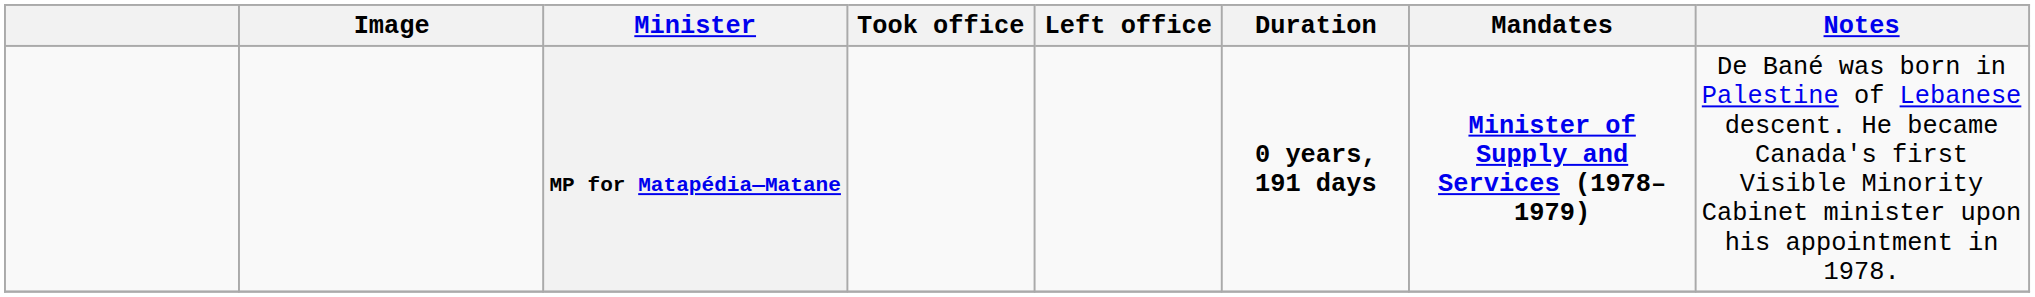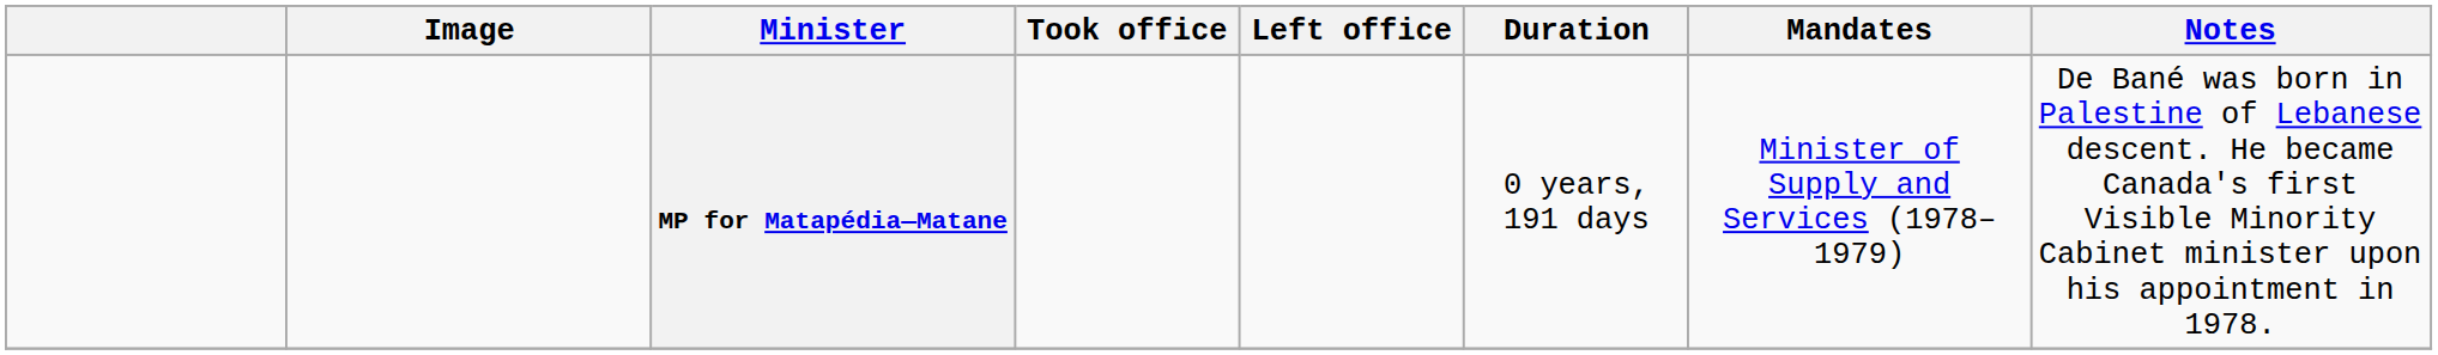 <table class="wikitable sortable plainrowheaders" style="text-align: center;">
 <tr>
 <th scope="col" class=unsortable></th>
 <th scope="col" class=unsortable>Image</th>
 <th scope="col"><a href='#'>Minister</a></th>
 <th scope="col" width=90px>Took office</th>
 <th scope="col" width=90px>Left office</th>
 <th scope="col" width=90px>Duration</th>
 <th scope="col" width=140px>Mandates</th>
 <th scope="col" width=165px><a href='#'>Notes</a></th>
 </tr>
 <tr>
 <td style="background: "></td>
 <td style="width:15%;"></td>
 <th scope="row" style="text-align:center; width:15%;"><br><small>MP for <a href='#'>Matapédia—Matane</a></small></th>
 <td></td>
 <td></td>
-<td><strong>0 years, 191 days</strong></td>
-<td><strong><a href='#'>Minister of Supply and Services</a> (1978–1979)</strong></td>
+<td>0 years, 191 days</td>
+<td><a href='#'>Minister of Supply and Services</a> (1978–1979)</td>
 <td>De Bané was born in <a href='#'>Palestine</a> of <a href='#'>Lebanese</a> descent. He became Canada's first Visible Minority Cabinet minister upon his appointment in 1978.</td>
 </tr>
 <tr>
 </tr>
 </table>
